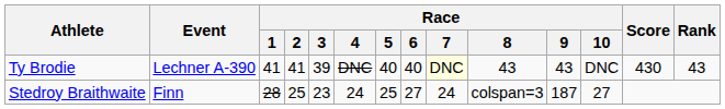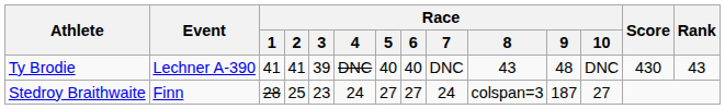 <table class=wikitable style="font-size:90%">
 <tr>
 <th rowspan="2">Athlete</th>
 <th rowspan="2">Event</th>
 <th colspan="10">Race</th>
 <th rowspan="2">Score</th>
 <th rowspan="2">Rank</th>
 </tr>
 <tr>
 <th>1</th>
 <th>2</th>
 <th>3</th>
 <th>4</th>
 <th>5</th>
 <th>6</th>
 <th>7</th>
 <th>8</th>
 <th>9</th>
 <th>10</th>
 </tr>
 <tr>
 <td><a href='#'>Ty Brodie</a></td>
 <td><a href='#'>Lechner A-390</a></td>
 <td align=center>41</td>
 <td align=center>41</td>
 <td align=center>39</td>
 <td align=center><s>DNC</s></td>
 <td align=center>40</td>
 <td align=center>40</td>
-<td align=center style="background: lightyellow;">DNC</td>
+<td align=center>DNC</td>
 <td align=center>43</td>
-<td align=center>43</td>
+<td align=center>48</td>
 <td align=center>DNC</td>
 <td align=center>430</td>
 <td align=center>43</td>
 </tr>
 <tr>
 <td><a href='#'>Stedroy Braithwaite</a></td>
 <td><a href='#'>Finn</a></td>
 <td align=center><s>28</s></td>
 <td align=center>25</td>
 <td align=center>23</td>
 <td align=center>24</td>
-<td align=center>25</td>
+<td align=center>27</td>
 <td align=center>27</td>
 <td align=center>24</td>
 <td>colspan=3 </td>
 <td align=center>187</td>
 <td align=center>27</td>
 </tr>
 </table>
